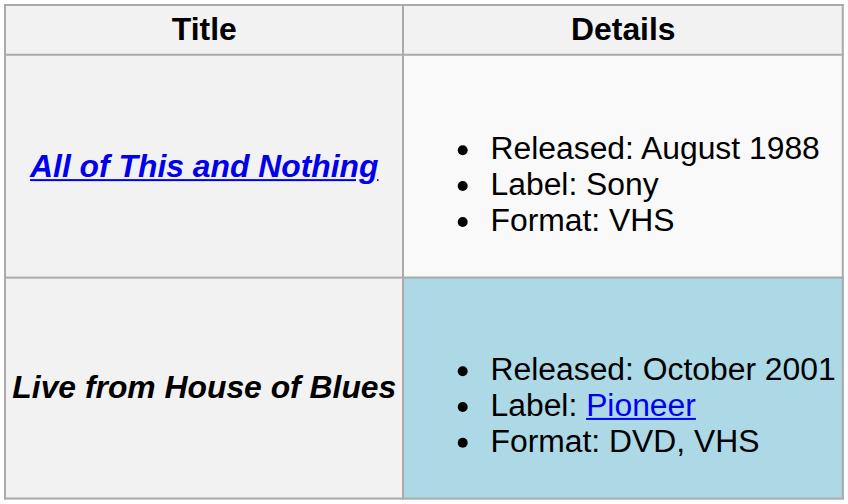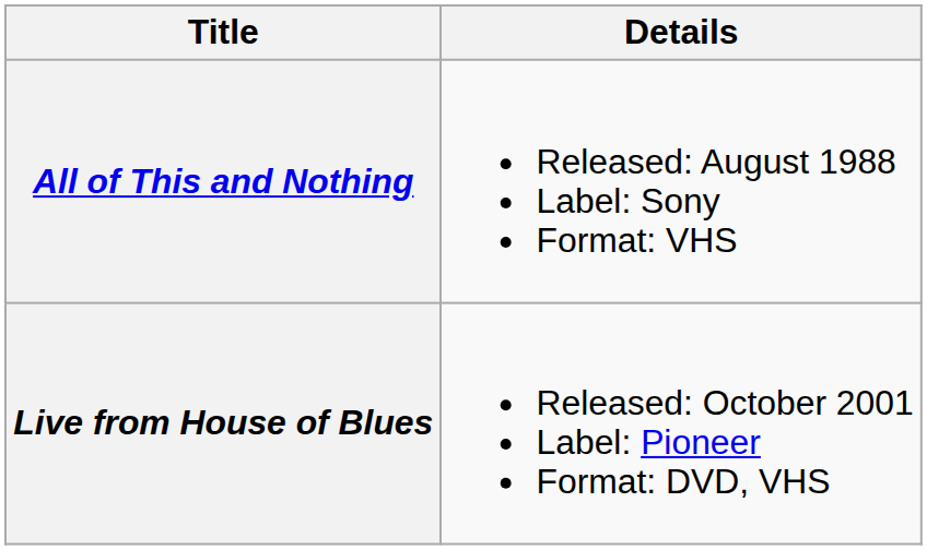 <table class="wikitable plainrowheaders">
 <tr>
 <th scope="col">Title</th>
 <th scope="col">Details</th>
 </tr>
 <tr>
 <th scope="row"><em><a href='#'>All of This and Nothing</a></em></th>
 <td><br><ul><li>Released: August 1988</li><li>Label: Sony</li><li>Format: VHS</li></ul></td>
 </tr>
 <tr>
 <th scope="row"><em>Live from House of Blues</em></th>
-<td style="background: lightblue;"><br><ul><li>Released: October 2001</li><li>Label: <a href='#'>Pioneer</a></li><li>Format: DVD, VHS</li></ul></td>
+<td><br><ul><li>Released: October 2001</li><li>Label: <a href='#'>Pioneer</a></li><li>Format: DVD, VHS</li></ul></td>
 </tr>
 </table>
